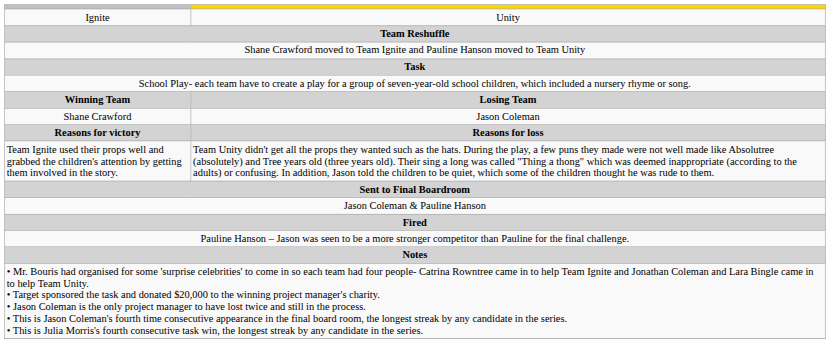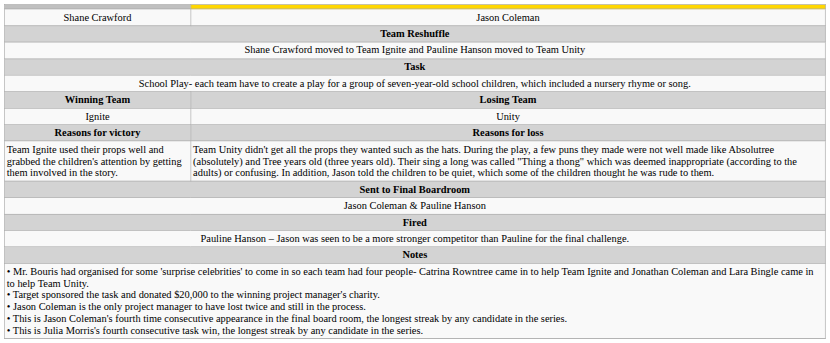 <table class="wikitable" style="text-align: center; width:100%">
 <tr>
 <th style="text-align:center; background:silver;"></th>
 <th style="text-align:center; background:gold;"></th>
 </tr>
 <tr>
-<td>Ignite</td>
-<td>Unity</td>
+<td>Shane Crawford</td>
+<td>Jason Coleman</td>
 </tr>
 <tr>
 <th colspan="2" style="text-align:center; background:lightgrey;">Team Reshuffle</th>
 </tr>
 <tr>
 <td colspan="2">Shane Crawford moved to Team Ignite and Pauline Hanson moved to Team Unity</td>
 </tr>
 <tr>
 <th colspan="2" style="text-align:center; background:lightgrey;">Task</th>
 </tr>
 <tr>
 <td colspan="2">School Play- each team have to create a play for a group of seven-year-old school children, which included a nursery rhyme or song.</td>
 </tr>
 <tr>
 <th style="text-align:center; background:lightgrey;">Winning Team</th>
 <th style="text-align:center; background:lightgrey;">Losing Team</th>
 </tr>
 <tr>
-<td>Shane Crawford</td>
-<td>Jason Coleman</td>
+<td>Ignite</td>
+<td>Unity</td>
 </tr>
 <tr>
 <th style="text-align:center; background:lightgrey;">Reasons for victory</th>
 <th style="text-align:center; background:lightgrey;">Reasons for loss</th>
 </tr>
 <tr style="text-align: left;">
 <td>Team Ignite used their props well and grabbed the children's attention by getting them involved in the story.</td>
 <td>Team Unity didn't get all the props they wanted such as the hats. During the play, a few puns they made were not well made like Absolutree (absolutely) and Tree years old (three years old). Their sing a long was called "Thing a thong" which was deemed inappropriate (according to the adults) or confusing. In addition, Jason told the children to be quiet, which some of the children thought he was rude to them.</td>
 </tr>
 <tr>
 <th colspan="2" style="text-align:center; background:lightgrey;">Sent to Final Boardroom</th>
 </tr>
 <tr>
 <td colspan="2">Jason Coleman & Pauline Hanson</td>
 </tr>
 <tr>
 <th colspan="2" style="text-align:center; background:lightgrey;">Fired</th>
 </tr>
 <tr>
 <td colspan="2">Pauline Hanson – Jason was seen to be a more stronger competitor than Pauline for the final challenge.</td>
 </tr>
 <tr>
 <th colspan="2" style="text-align:center; background:lightgrey;">Notes</th>
 </tr>
 <tr style="text-align: left;">
 <td colspan="2">• Mr. Bouris had organised for some 'surprise celebrities' to come in so each team had four people- Catrina Rowntree came in to help Team Ignite and Jonathan Coleman and Lara Bingle came in to help Team Unity.<br>• Target sponsored the task and donated $20,000 to the winning project manager's charity.<br> • Jason Coleman is the only project manager to have lost twice and still in the process.<br> • This is Jason Coleman's fourth time consecutive appearance in the final board room, the longest streak by any candidate in the series.<br> • This is Julia Morris's fourth consecutive task win, the longest streak by any candidate in the series.</td>
 </tr>
 <tr>
 </tr>
 </table>
